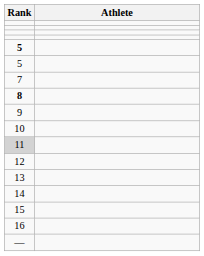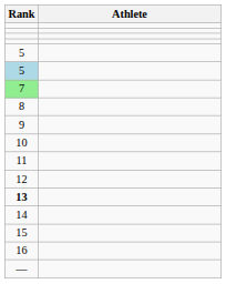 <table class="wikitable" style="text-align: center;">
 <tr>
 <th width=40>Rank</th>
 <th width=250>Athlete</th>
 </tr>
 <tr>
 <td></td>
 <td align="left"></td>
 </tr>
 <tr>
 <td></td>
 <td align="left"></td>
 </tr>
 <tr>
 <td></td>
 <td align="left"></td>
 </tr>
 <tr>
 <td></td>
 <td align="left"></td>
 </tr>
 <tr>
-<td><strong>5</strong></td>
-<td align="left"></td>
-</tr>
-<tr>
 <td>5</td>
 <td align="left"></td>
 </tr>
 <tr>
-<td>7</td>
+<td style="background: lightblue;">5</td>
 <td align="left"></td>
 </tr>
 <tr>
-<td><strong>8</strong></td>
+<td style="background: lightgreen;">7</td>
+<td align="left"></td>
+</tr>
+<tr>
+<td>8</td>
 <td align="left"></td>
 </tr>
 <tr>
 <td>9</td>
 <td align="left"></td>
 </tr>
 <tr>
 <td>10</td>
 <td align="left"></td>
 </tr>
 <tr>
-<td style="background: lightgrey;">11</td>
+<td>11</td>
 <td align="left"></td>
 </tr>
 <tr>
 <td>12</td>
 <td align="left"></td>
 </tr>
 <tr>
-<td>13</td>
+<td><strong>13</strong></td>
 <td align="left"></td>
 </tr>
 <tr>
 <td>14</td>
 <td align="left"></td>
 </tr>
 <tr>
 <td>15</td>
 <td align="left"></td>
 </tr>
 <tr>
 <td>16</td>
 <td align="left"></td>
 </tr>
 <tr>
 <td>—</td>
 <td align="left"></td>
 </tr>
 </table>
